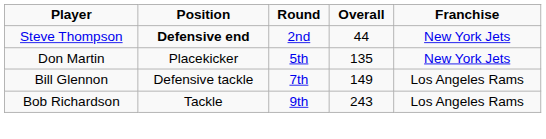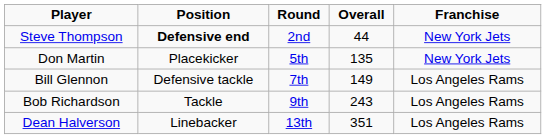 <table class="wikitable" width="50%">
 <tr align="center">
 <td><strong>Player</strong></td>
 <td><strong>Position</strong></td>
 <td><strong>Round</strong></td>
 <td><strong>Overall</strong></td>
 <td><strong>Franchise</strong></td>
 </tr>
 <tr align="center" bgcolor="">
 <td><a href='#'>Steve Thompson</a></td>
 <td><strong>Defensive end</strong></td>
 <td><a href='#'>2nd</a></td>
 <td>44</td>
 <td><a href='#'>New York Jets</a></td>
 </tr>
 <tr align="center" bgcolor="">
 <td>Don Martin</td>
 <td>Placekicker</td>
 <td><a href='#'>5th</a></td>
 <td>135</td>
 <td><a href='#'>New York Jets</a></td>
 </tr>
 <tr align="center" bgcolor="">
 <td>Bill Glennon</td>
 <td>Defensive tackle</td>
 <td><a href='#'>7th</a></td>
 <td>149</td>
 <td>Los Angeles Rams</td>
 </tr>
 <tr align="center" bgcolor="">
 <td>Bob Richardson</td>
 <td>Tackle</td>
 <td><a href='#'>9th</a></td>
 <td>243</td>
 <td>Los Angeles Rams</td>
 </tr>
+<tr align="center">
+<td><a href='#'>Dean Halverson</a></td>
+<td>Linebacker</td>
+<td><a href='#'>13th</a></td>
+<td>351</td>
+<td>Los Angeles Rams</td>
+</tr>
 </table>
